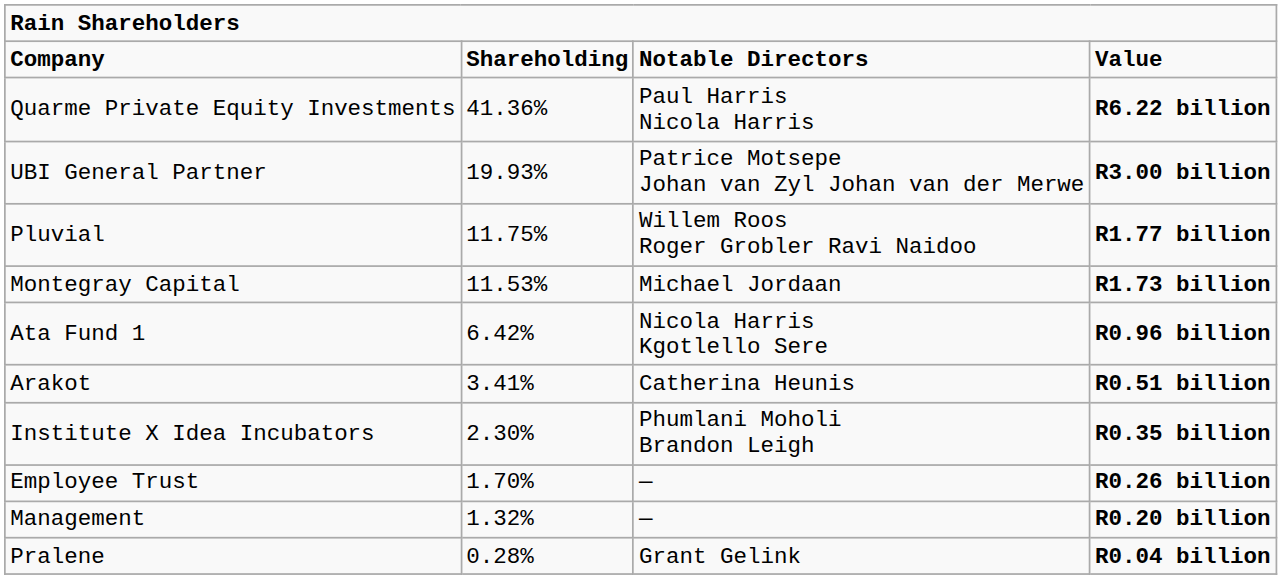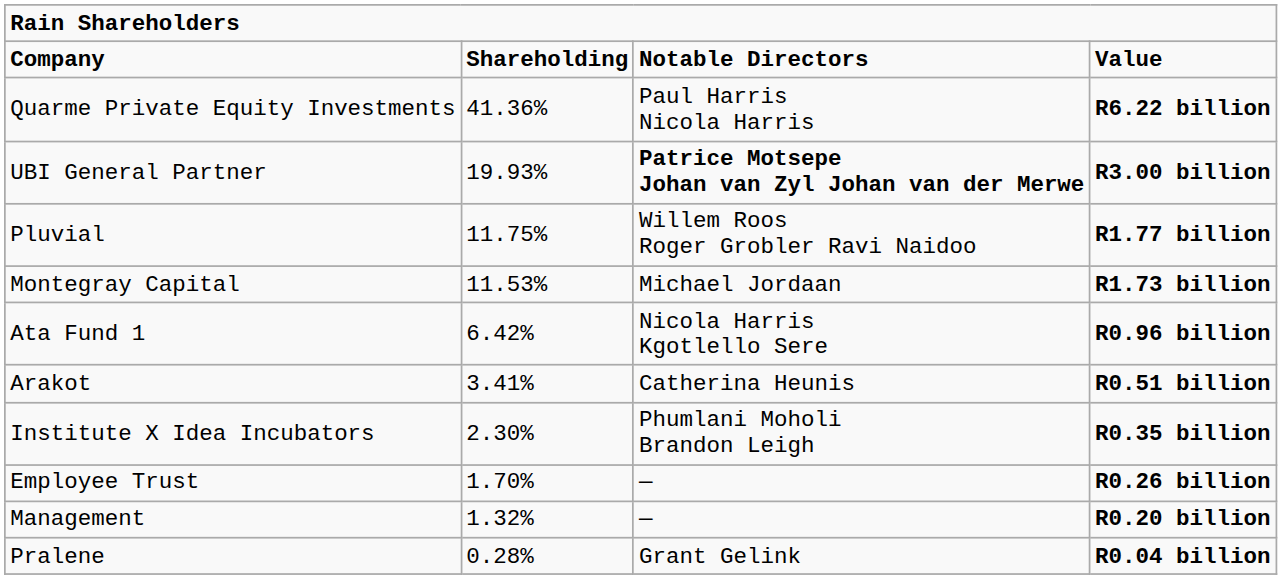 <table class="wikitable">
 <tr>
 <td colspan="4"><strong>Rain Shareholders</strong></td>
 </tr>
 <tr>
 <td><strong>Company</strong></td>
 <td><strong>Shareholding</strong></td>
 <td><strong>Notable Directors</strong></td>
 <td><strong>Value</strong></td>
 </tr>
 <tr>
 <td>Quarme Private Equity Investments</td>
 <td>41.36%</td>
 <td>Paul Harris<br>Nicola Harris</td>
 <td><strong>R6.22 billion</strong></td>
 </tr>
 <tr>
 <td>UBI General Partner</td>
 <td>19.93%</td>
-<td>Patrice Motsepe<br>Johan van Zyl Johan van der Merwe</td>
+<td><strong>Patrice Motsepe<br>Johan van Zyl Johan van der Merwe</strong></td>
 <td><strong>R3.00 billion</strong></td>
 </tr>
 <tr>
 <td>Pluvial</td>
 <td>11.75%</td>
 <td>Willem Roos<br>Roger Grobler Ravi Naidoo</td>
 <td><strong>R1.77 billion</strong></td>
 </tr>
 <tr>
 <td>Montegray Capital</td>
 <td>11.53%</td>
 <td>Michael Jordaan</td>
 <td><strong>R1.73 billion</strong></td>
 </tr>
 <tr>
 <td>Ata Fund 1</td>
 <td>6.42%</td>
 <td>Nicola Harris<br>Kgotlello Sere</td>
 <td><strong>R0.96 billion</strong></td>
 </tr>
 <tr>
 <td>Arakot</td>
 <td>3.41%</td>
 <td>Catherina Heunis</td>
 <td><strong>R0.51 billion</strong></td>
 </tr>
 <tr>
 <td>Institute X Idea Incubators</td>
 <td>2.30%</td>
 <td>Phumlani Moholi<br>Brandon Leigh</td>
 <td><strong>R0.35 billion</strong></td>
 </tr>
 <tr>
 <td>Employee Trust</td>
 <td>1.70%</td>
 <td>—</td>
 <td><strong>R0.26 billion</strong></td>
 </tr>
 <tr>
 <td>Management</td>
 <td>1.32%</td>
 <td>—</td>
 <td><strong>R0.20 billion</strong></td>
 </tr>
 <tr>
 <td>Pralene</td>
 <td>0.28%</td>
 <td>Grant Gelink</td>
 <td><strong>R0.04 billion</strong></td>
 </tr>
 </table>
